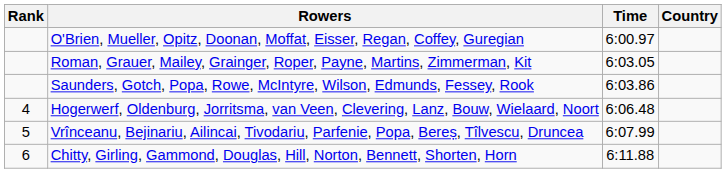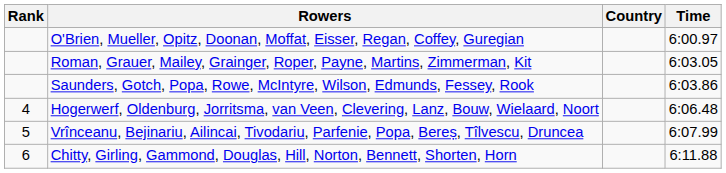 <table class="wikitable" style="text-align:center">
 <tr>
 <th>Rank</th>
 <th>Rowers</th>
+<th>Country</th>
 <th>Time</th>
-<th>Country</th>
 </tr>
 <tr>
 <td></td>
 <td align="left"><a href='#'>O'Brien</a>, <a href='#'>Mueller</a>, <a href='#'>Opitz</a>, <a href='#'>Doonan</a>, <a href='#'>Moffat</a>, <a href='#'>Eisser</a>, <a href='#'>Regan</a>, <a href='#'>Coffey</a>, <a href='#'>Guregian</a></td>
+<td align="left"></td>
 <td>6:00.97</td>
-<td align="left"></td>
 </tr>
 <tr>
 <td></td>
 <td align="left"><a href='#'>Roman</a>, <a href='#'>Grauer</a>, <a href='#'>Mailey</a>, <a href='#'>Grainger</a>, <a href='#'>Roper</a>, <a href='#'>Payne</a>, <a href='#'>Martins</a>, <a href='#'>Zimmerman</a>, <a href='#'>Kit</a></td>
+<td align="left"></td>
 <td>6:03.05</td>
-<td align="left"></td>
 </tr>
 <tr>
 <td></td>
 <td align="left"><a href='#'>Saunders</a>, <a href='#'>Gotch</a>, <a href='#'>Popa</a>, <a href='#'>Rowe</a>, <a href='#'>McIntyre</a>, <a href='#'>Wilson</a>, <a href='#'>Edmunds</a>, <a href='#'>Fessey</a>, <a href='#'>Rook</a></td>
+<td align="left"></td>
 <td>6:03.86</td>
-<td align="left"></td>
 </tr>
 <tr>
 <td>4</td>
 <td align="left"><a href='#'>Hogerwerf</a>, <a href='#'>Oldenburg</a>, <a href='#'>Jorritsma</a>, <a href='#'>van Veen</a>, <a href='#'>Clevering</a>, <a href='#'>Lanz</a>, <a href='#'>Bouw</a>, <a href='#'>Wielaard</a>, <a href='#'>Noort</a></td>
+<td align="left"></td>
 <td>6:06.48</td>
-<td align="left"></td>
 </tr>
 <tr>
 <td>5</td>
 <td align="left"><a href='#'>Vrînceanu</a>, <a href='#'>Bejinariu</a>, <a href='#'>Ailincai</a>, <a href='#'>Tivodariu</a>, <a href='#'>Parfenie</a>, <a href='#'>Popa</a>, <a href='#'>Bereș</a>, <a href='#'>Tîlvescu</a>, <a href='#'>Druncea</a></td>
+<td align="left"></td>
 <td>6:07.99</td>
-<td align="left"></td>
 </tr>
 <tr>
 <td>6</td>
 <td align="left"><a href='#'>Chitty</a>, <a href='#'>Girling</a>, <a href='#'>Gammond</a>, <a href='#'>Douglas</a>, <a href='#'>Hill</a>, <a href='#'>Norton</a>, <a href='#'>Bennett</a>, <a href='#'>Shorten</a>, <a href='#'>Horn</a></td>
+<td align="left"></td>
 <td>6:11.88</td>
-<td align="left"></td>
 </tr>
 </table>
